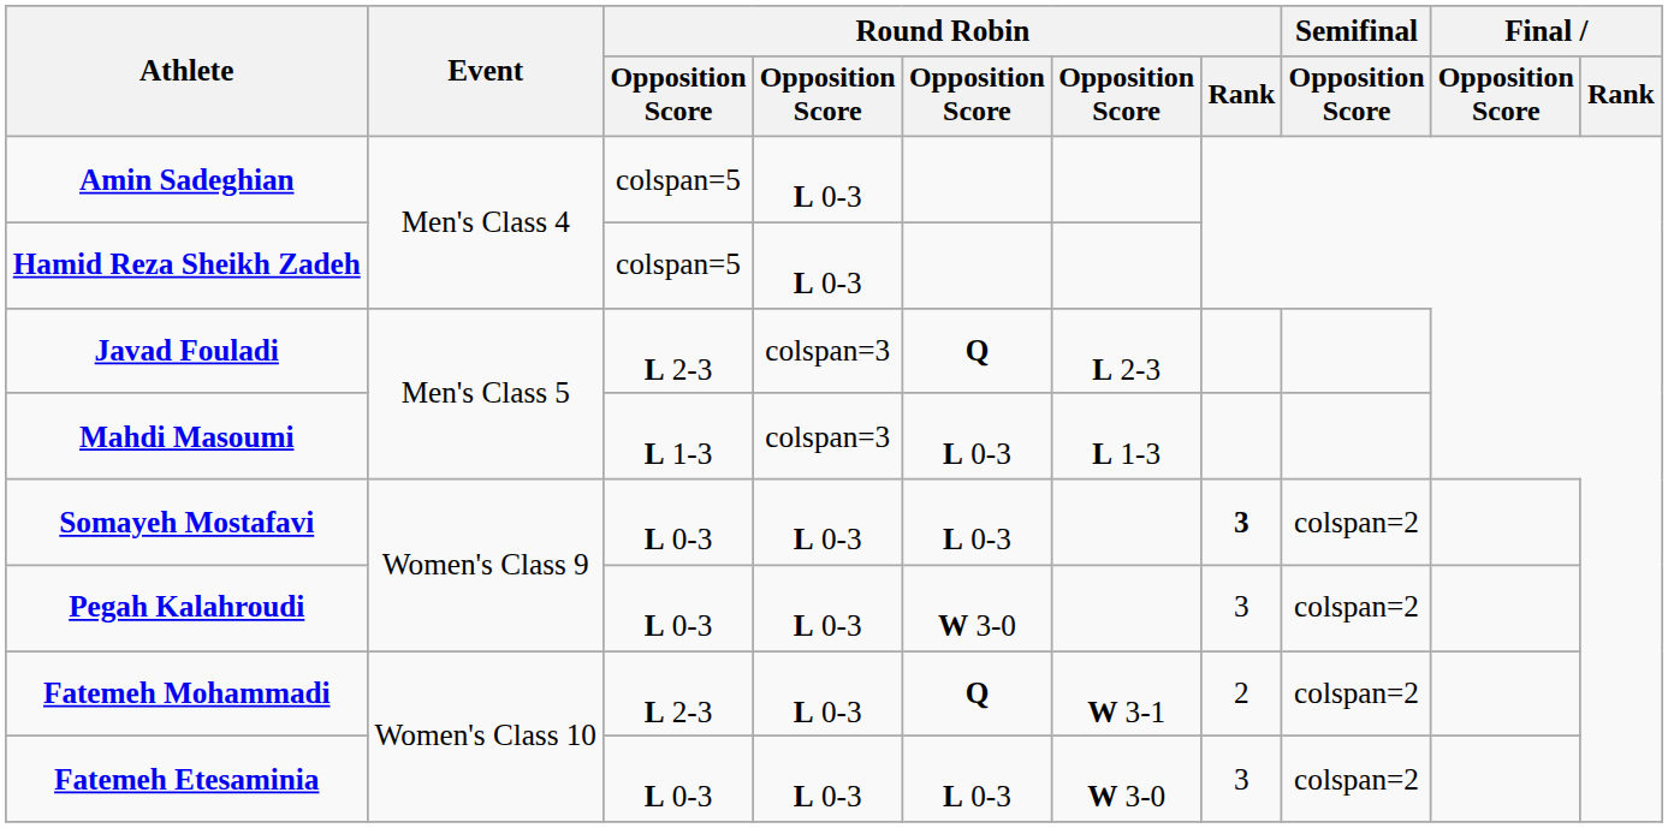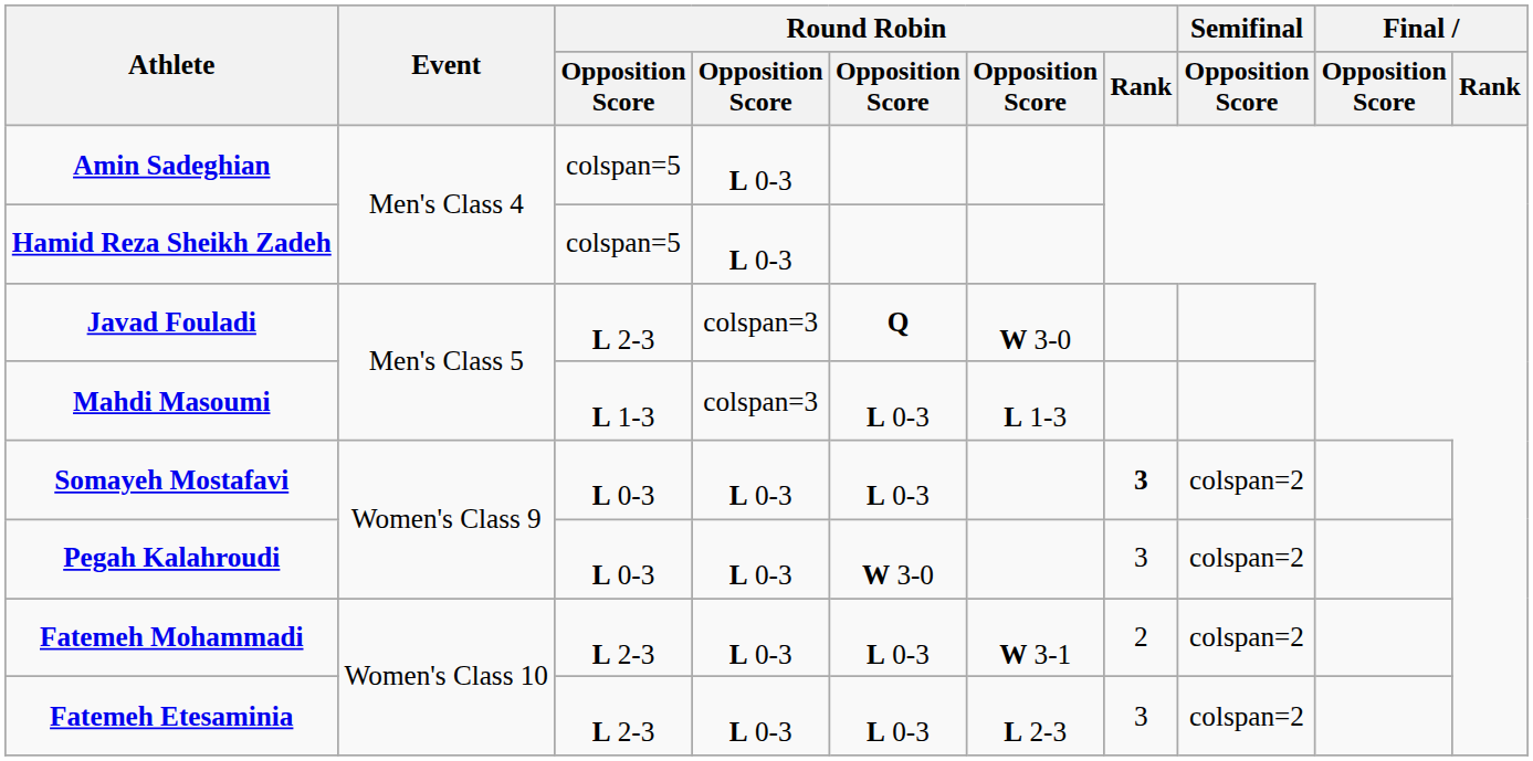 <table class=wikitable style=text-align:center;font-size:90%>
 <tr>
 <th rowspan=2>Athlete</th>
 <th rowspan=2>Event</th>
 <th colspan=5>Round Robin</th>
 <th>Semifinal</th>
 <th colspan=2>Final / </th>
 </tr>
 <tr style=font-size:95%>
 <th>Opposition<br>Score</th>
 <th>Opposition<br>Score</th>
 <th>Opposition<br>Score</th>
 <th>Opposition<br>Score</th>
 <th>Rank</th>
 <th>Opposition<br>Score</th>
 <th>Opposition<br>Score</th>
 <th>Rank</th>
 </tr>
 <tr align=center>
 <td><strong><a href='#'>Amin Sadeghian</a></strong></td>
 <td rowspan=2>Men's Class 4</td>
 <td>colspan=5 </td>
 <td><br><strong>L</strong> 0-3</td>
 <td></td>
 <td></td>
 </tr>
 <tr align=center>
 <td><strong><a href='#'>Hamid Reza Sheikh Zadeh</a></strong></td>
 <td>colspan=5 </td>
 <td><br><strong>L</strong> 0-3</td>
 <td></td>
 <td></td>
 </tr>
 <tr align=center>
 <td><strong><a href='#'>Javad Fouladi</a></strong></td>
 <td rowspan=2>Men's Class 5</td>
 <td><br><strong>L</strong> 2-3</td>
 <td>colspan=3 </td>
 <td><strong>Q</strong></td>
-<td><br><strong>L</strong> 2-3</td>
+<td><br><strong>W</strong> 3-0</td>
 <td></td>
 <td></td>
 </tr>
 <tr align=center>
 <td><strong><a href='#'>Mahdi Masoumi</a></strong></td>
 <td><br><strong>L</strong> 1-3</td>
 <td>colspan=3 </td>
 <td><br><strong>L</strong> 0-3</td>
 <td><br><strong>L</strong> 1-3</td>
 <td></td>
 <td></td>
 </tr>
 <tr align=center>
 <td><strong><a href='#'>Somayeh Mostafavi</a></strong></td>
 <td rowspan=2>Women's Class 9</td>
 <td><br><strong>L</strong> 0-3</td>
 <td><br><strong>L</strong> 0-3</td>
 <td><br><strong>L</strong> 0-3</td>
 <td></td>
 <td><strong>3</strong></td>
 <td>colspan=2 </td>
 <td></td>
 </tr>
 <tr align=center>
 <td><strong><a href='#'>Pegah Kalahroudi</a></strong></td>
 <td><br><strong>L</strong> 0-3</td>
 <td><br><strong>L</strong> 0-3</td>
 <td><br><strong>W</strong> 3-0</td>
 <td></td>
 <td>3</td>
 <td>colspan=2 </td>
 <td></td>
 </tr>
 <tr align=center>
 <td><strong><a href='#'>Fatemeh Mohammadi</a></strong></td>
 <td rowspan=2>Women's Class 10</td>
 <td><br><strong>L</strong> 2-3</td>
 <td><br><strong>L</strong> 0-3</td>
-<td><strong>Q</strong></td>
+<td><br><strong>L</strong> 0-3</td>
 <td><br><strong>W</strong> 3-1</td>
 <td>2</td>
 <td>colspan=2 </td>
 <td></td>
 </tr>
 <tr align=center>
 <td><strong><a href='#'>Fatemeh Etesaminia</a></strong></td>
+<td><br><strong>L</strong> 2-3</td>
 <td><br><strong>L</strong> 0-3</td>
 <td><br><strong>L</strong> 0-3</td>
-<td><br><strong>L</strong> 0-3</td>
-<td><br><strong>W</strong> 3-0</td>
+<td><br><strong>L</strong> 2-3</td>
 <td>3</td>
 <td>colspan=2 </td>
 <td></td>
 </tr>
 </table>
